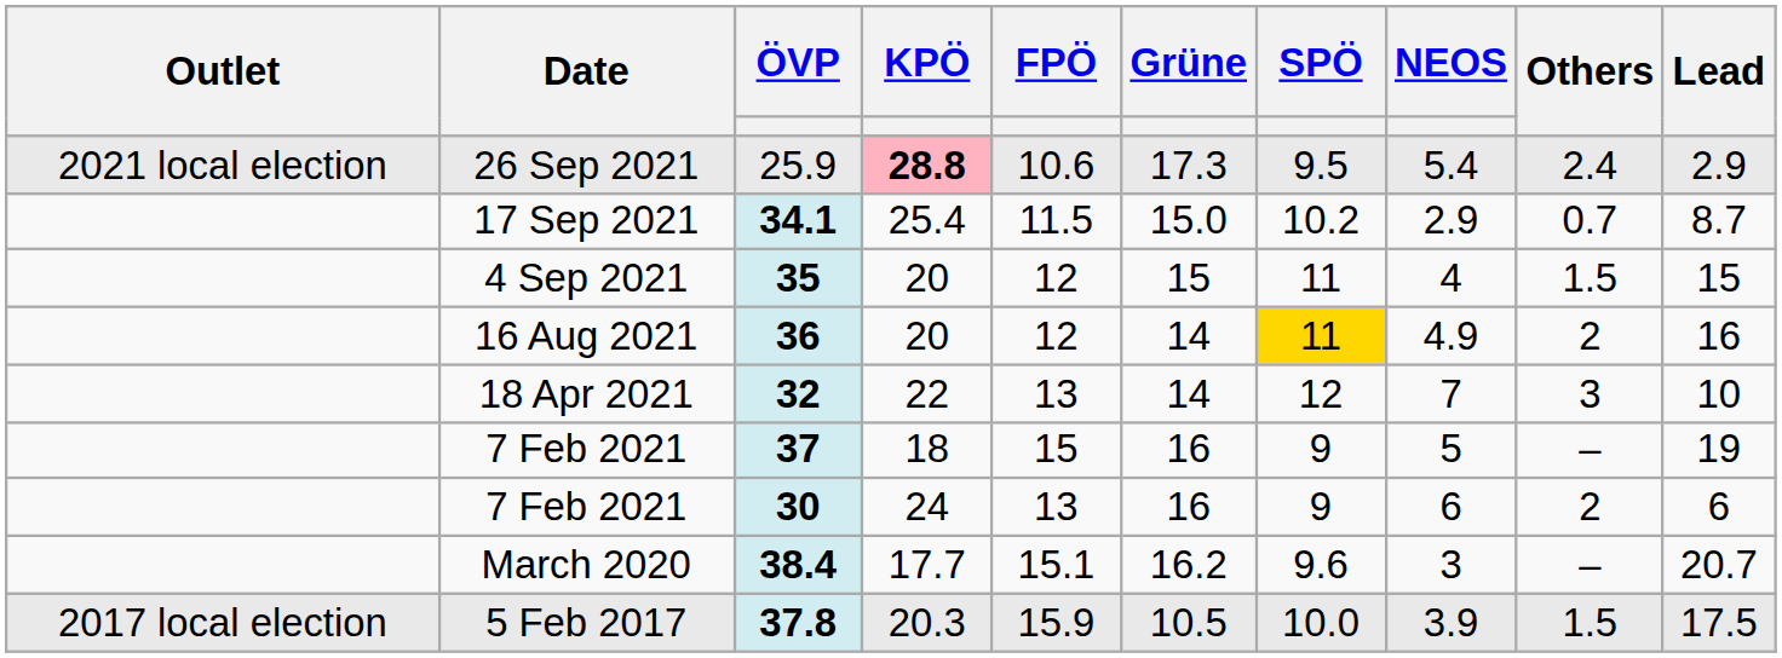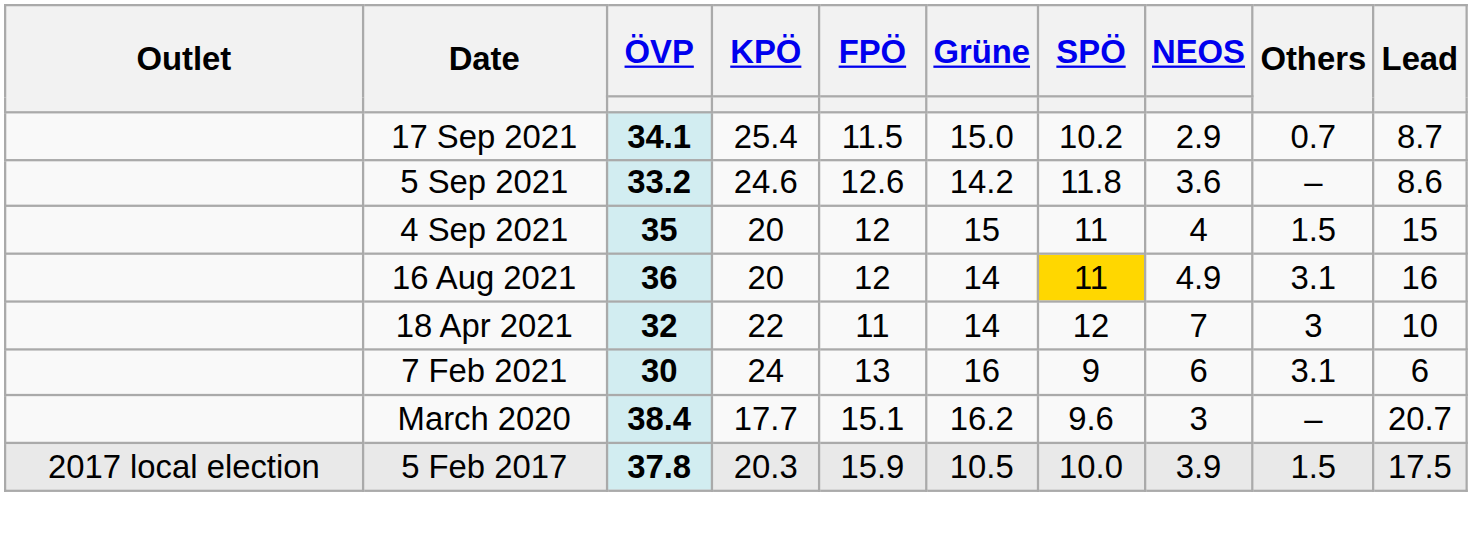 <table class="wikitable sortable" style="text-align:center;font-size:90%;line-height:14px;">
 <tr style="height:40px;">
 <th style="width:150px;" rowspan="2">Outlet</th>
 <th style="width:100px;" rowspan="2">Date</th>
 <th class="unsortable" style="width:40px;"><a href='#'>ÖVP</a></th>
 <th class="unsortable" style="width:40px;"><a href='#'>KPÖ</a></th>
 <th class="unsortable" style="width:40px;"><a href='#'>FPÖ</a></th>
 <th class="unsortable" style="width:40px;"><a href='#'>Grüne</a></th>
 <th class="unsortable" style="width:40px;"><a href='#'>SPÖ</a></th>
 <th class="unsortable" style="width:40px;"><a href='#'>NEOS</a></th>
 <th class="unsortable" style="width:40px;" rowspan="2">Others</th>
 <th style="width:30px;" rowspan="2">Lead</th>
 </tr>
 <tr>
 <th style="background:"></th>
 <th style="background:"></th>
 <th style="background:"></th>
 <th style="background:"></th>
 <th style="background:"></th>
 <th style="background:"></th>
 </tr>
-<tr style="background:#E9E9E9;">
-<td>2021 local election</td>
-<td data-sort-value="2021-09-26">26 Sep 2021</td>
-<td>25.9</td>
-<td style="background:#FFB3C0;"><strong>28.8</strong></td>
-<td>10.6</td>
-<td>17.3</td>
-<td>9.5</td>
-<td>5.4</td>
-<td>2.4</td>
-<td style="background:">2.9</td>
-</tr>
 <tr>
 <td></td>
 <td data-sort-value="2021-09-17">17 Sep 2021</td>
 <td style="background:#D2EDF1;"><strong>34.1</strong></td>
 <td>25.4</td>
 <td>11.5</td>
 <td>15.0</td>
 <td>10.2</td>
 <td>2.9</td>
 <td>0.7</td>
 <td style="background:">8.7</td>
+</tr>
+<tr>
+<td></td>
+<td data-sort-value="2021-09-05">5 Sep 2021</td>
+<td style="background:#D2EDF1;"><strong>33.2</strong></td>
+<td>24.6</td>
+<td>12.6</td>
+<td>14.2</td>
+<td>11.8</td>
+<td>3.6</td>
+<td>–</td>
+<td style="background:">8.6</td>
 </tr>
 <tr>
 <td></td>
 <td data-sort-value="2021-09-04">4 Sep 2021</td>
 <td style="background:#D2EDF1;"><strong>35</strong></td>
 <td>20</td>
 <td>12</td>
 <td>15</td>
 <td>11</td>
 <td>4</td>
 <td>1.5</td>
 <td style="background:">15</td>
 </tr>
 <tr>
 <td></td>
 <td data-sort-value="2021-08-16">16 Aug 2021</td>
 <td style="background:#D2EDF1;"><strong>36</strong></td>
 <td>20</td>
 <td>12</td>
 <td>14</td>
 <td style="background: gold;">11</td>
 <td>4.9</td>
-<td>2</td>
+<td>3.1</td>
 <td style="background:">16</td>
 </tr>
 <tr>
 <td></td>
 <td data-sort-value="2021-04-18">18 Apr 2021</td>
 <td style="background:#D2EDF1;"><strong>32</strong></td>
 <td>22</td>
-<td>13</td>
+<td>11</td>
 <td>14</td>
 <td>12</td>
 <td>7</td>
 <td>3</td>
 <td style="background:">10</td>
-</tr>
-<tr>
-<td></td>
-<td data-sort-value="2021-02-07">7 Feb 2021</td>
-<td style="background:#D2EDF1;"><strong>37</strong></td>
-<td>18</td>
-<td>15</td>
-<td>16</td>
-<td>9</td>
-<td>5</td>
-<td>–</td>
-<td style="background:">19</td>
 </tr>
 <tr>
 <td></td>
 <td data-sort-value="2021-02-07">7 Feb 2021</td>
 <td style="background:#D2EDF1;"><strong>30</strong></td>
 <td>24</td>
 <td>13</td>
 <td>16</td>
 <td>9</td>
 <td>6</td>
-<td>2</td>
+<td>3.1</td>
 <td style="background:">6</td>
 </tr>
 <tr>
 <td></td>
 <td data-sort-value="2021-03-31">March 2020</td>
 <td style="background:#D2EDF1;"><strong>38.4</strong></td>
 <td>17.7</td>
 <td>15.1</td>
 <td>16.2</td>
 <td>9.6</td>
 <td>3</td>
 <td>–</td>
 <td style="background:">20.7</td>
 </tr>
 <tr style="background:#E9E9E9;">
 <td>2017 local election</td>
 <td data-sort-value="2017-02-05">5 Feb 2017</td>
 <td style="background:#D2EDF1;"><strong>37.8</strong></td>
 <td>20.3</td>
 <td>15.9</td>
 <td>10.5</td>
 <td>10.0</td>
 <td>3.9</td>
 <td>1.5</td>
 <td style="background:">17.5</td>
 </tr>
 </table>
